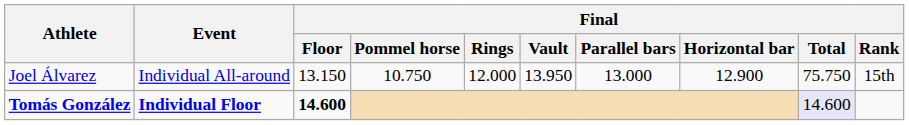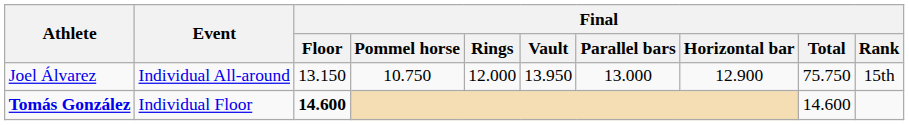 <table class="wikitable" style="font-size:90%">
 <tr>
 <th rowspan="2">Athlete</th>
 <th rowspan="2">Event</th>
 <th colspan = "8">Final</th>
 </tr>
 <tr>
 <th>Floor</th>
 <th>Pommel horse</th>
 <th>Rings</th>
 <th>Vault</th>
 <th>Parallel bars</th>
 <th>Horizontal bar</th>
 <th>Total</th>
 <th>Rank</th>
 </tr>
 <tr>
 <td><a href='#'>Joel Álvarez</a></td>
 <td><a href='#'>Individual All-around</a></td>
 <td align=center>13.150</td>
 <td align=center>10.750</td>
 <td align=center>12.000</td>
 <td align=center>13.950</td>
 <td align=center>13.000</td>
 <td align=center>12.900</td>
 <td align=center>75.750</td>
 <td align=center>15th</td>
 </tr>
 <tr>
 <td><strong><a href='#'>Tomás González</a></strong></td>
-<td><strong><a href='#'>Individual Floor</a></strong></td>
+<td><a href='#'>Individual Floor</a></td>
 <td align=center><strong>14.600</strong></td>
 <td colspan=5 bgcolor=wheat></td>
-<td align=center style="background: lavender;">14.600</td>
+<td align=center>14.600</td>
 <td align=center></td>
 </tr>
 </table>
